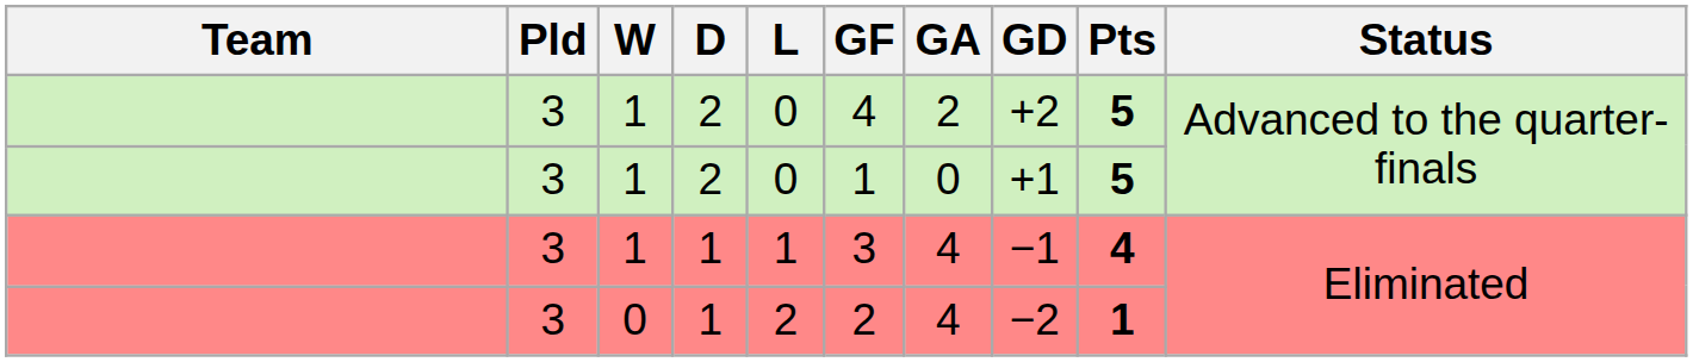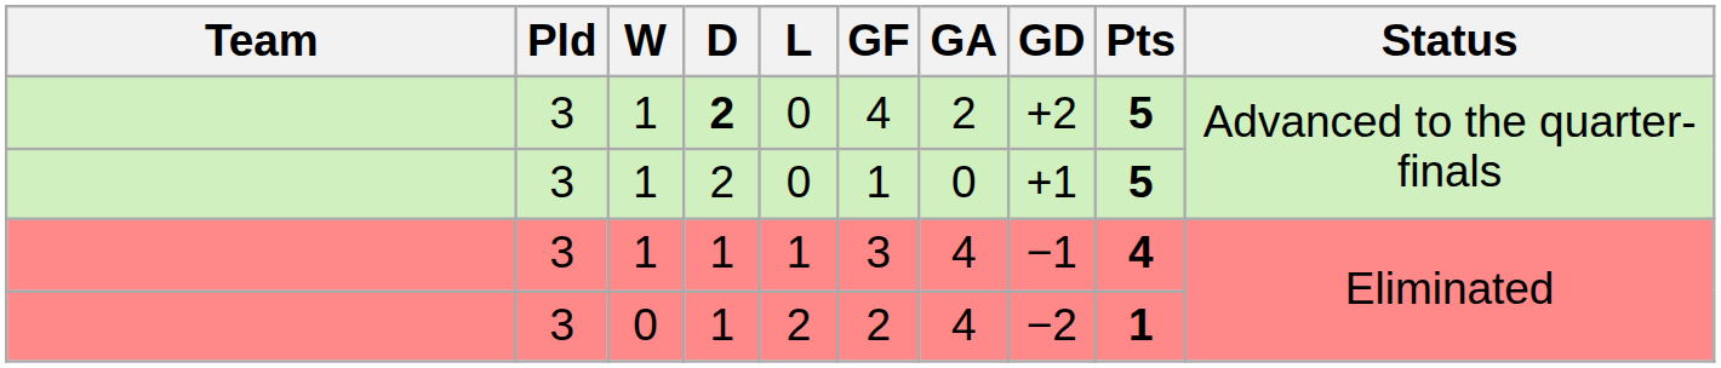 <table class="wikitable" style="text-align: center;">
 <tr>
 <th width="175">Team</th>
 <th width="20">Pld</th>
 <th width="20">W</th>
 <th width="20">D</th>
 <th width="20">L</th>
 <th width="20">GF</th>
 <th width="20">GA</th>
 <th width="20">GD</th>
 <th width="20">Pts</th>
 <th width="181">Status</th>
 </tr>
 <tr bgcolor=#D0F0C0>
 <td align=left></td>
 <td>3</td>
 <td>1</td>
-<td>2</td>
+<td><strong>2</strong></td>
 <td>0</td>
 <td>4</td>
 <td>2</td>
 <td>+2</td>
 <td><strong>5</strong></td>
 <td rowspan=2>Advanced to the quarter-finals</td>
 </tr>
 <tr bgcolor=#D0F0C0>
 <td align=left></td>
 <td>3</td>
 <td>1</td>
 <td>2</td>
 <td>0</td>
 <td>1</td>
 <td>0</td>
 <td>+1</td>
 <td><strong>5</strong></td>
 </tr>
 <tr bgcolor=#FF8888>
 <td align=left></td>
 <td>3</td>
 <td>1</td>
 <td>1</td>
 <td>1</td>
 <td>3</td>
 <td>4</td>
 <td>−1</td>
 <td><strong>4</strong></td>
 <td rowspan=2>Eliminated</td>
 </tr>
 <tr bgcolor=#FF8888>
 <td align=left></td>
 <td>3</td>
 <td>0</td>
 <td>1</td>
 <td>2</td>
 <td>2</td>
 <td>4</td>
 <td>−2</td>
 <td><strong>1</strong></td>
 </tr>
 </table>
